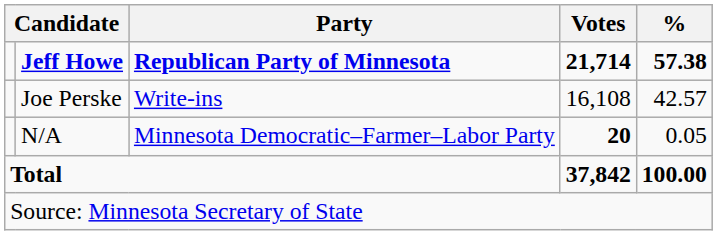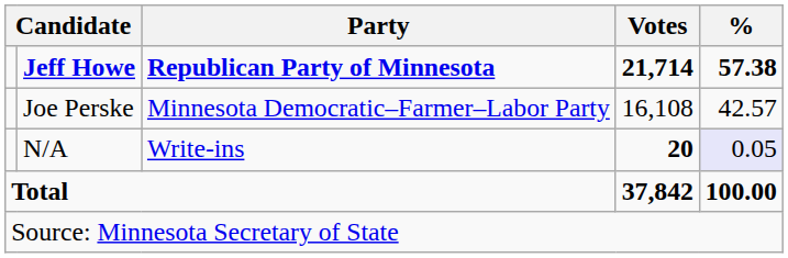 <table class="wikitable">
 <tr>
 <th colspan="2">Candidate</th>
 <th>Party</th>
 <th>Votes</th>
 <th>%</th>
 </tr>
 <tr>
 <td style="background-color:"></td>
 <td><strong><a href='#'>Jeff Howe</a></strong></td>
 <td><strong><a href='#'>Republican Party of Minnesota</a></strong></td>
 <td style="font-weight:bold" align="right">21,714</td>
 <td style="font-weight:bold" align="right">57.38</td>
 </tr>
 <tr>
 <td style="background-color:"></td>
 <td>Joe Perske</td>
-<td><a href='#'>Write-ins</a></td>
+<td><a href='#'>Minnesota Democratic–Farmer–Labor Party</a></td>
 <td align="right">16,108</td>
 <td align="right">42.57</td>
 </tr>
 <tr>
 <td style="background-color:"></td>
 <td>N/A</td>
-<td><a href='#'>Minnesota Democratic–Farmer–Labor Party</a></td>
+<td><a href='#'>Write-ins</a></td>
 <td align="right"><strong>20</strong></td>
-<td align="right">0.05</td>
+<td align="right" style="background: lavender;">0.05</td>
 </tr>
 <tr>
 <td colspan="3"><strong>Total</strong></td>
 <td style="font-weight:bold" align="right">37,842</td>
 <td style="font-weight:bold" align="right">100.00</td>
 </tr>
 <tr>
 <td colspan="5">Source: <a href='#'>Minnesota Secretary of State</a></td>
 </tr>
 </table>
